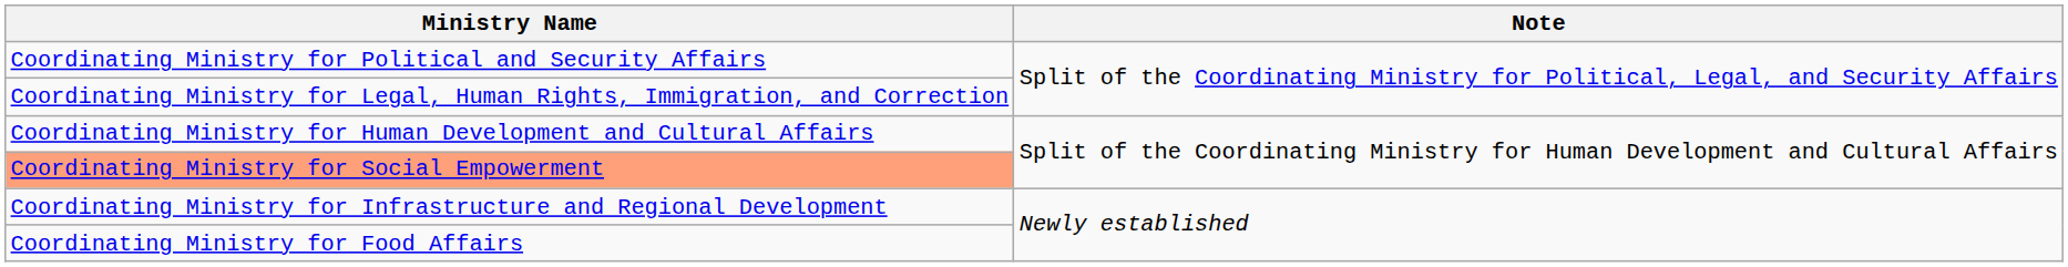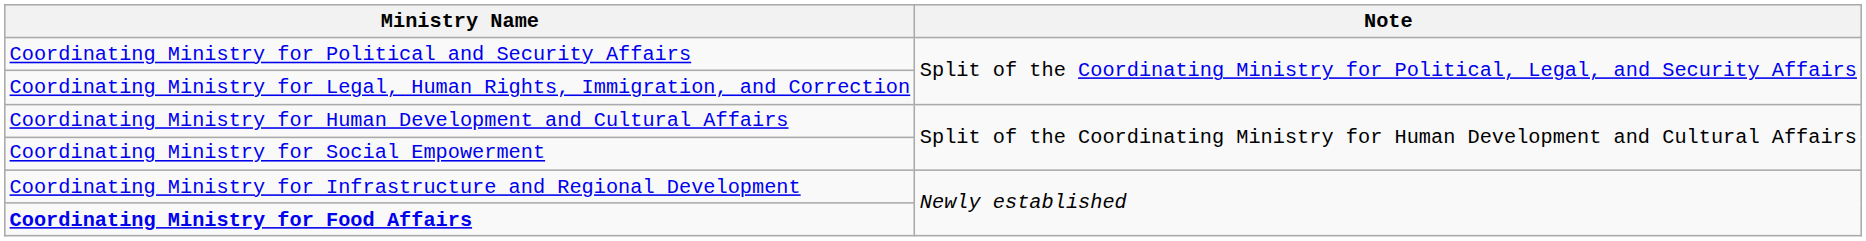 <table class="wikitable">
 <tr>
 <th>Ministry Name</th>
 <th>Note</th>
 </tr>
 <tr>
 <td><a href='#'>Coordinating Ministry for Political and Security Affairs</a></td>
 <td rowspan="2">Split of the <a href='#'>Coordinating Ministry for Political, Legal, and Security Affairs</a></td>
 </tr>
 <tr>
 <td><a href='#'>Coordinating Ministry for Legal, Human Rights, Immigration, and Correction</a></td>
 </tr>
 <tr>
 <td><a href='#'>Coordinating Ministry for Human Development and Cultural Affairs</a></td>
 <td rowspan="2">Split of the Coordinating Ministry for Human Development and Cultural Affairs</td>
 </tr>
 <tr>
-<td style="background: lightsalmon;"><a href='#'>Coordinating Ministry for Social Empowerment</a></td>
+<td><a href='#'>Coordinating Ministry for Social Empowerment</a></td>
 </tr>
 <tr>
 <td><a href='#'>Coordinating Ministry for Infrastructure and Regional Development</a></td>
 <td rowspan="2"><em>Newly established</em></td>
 </tr>
 <tr>
-<td><a href='#'>Coordinating Ministry for Food Affairs</a></td>
+<td><strong><a href='#'>Coordinating Ministry for Food Affairs</a></strong></td>
 </tr>
 </table>
